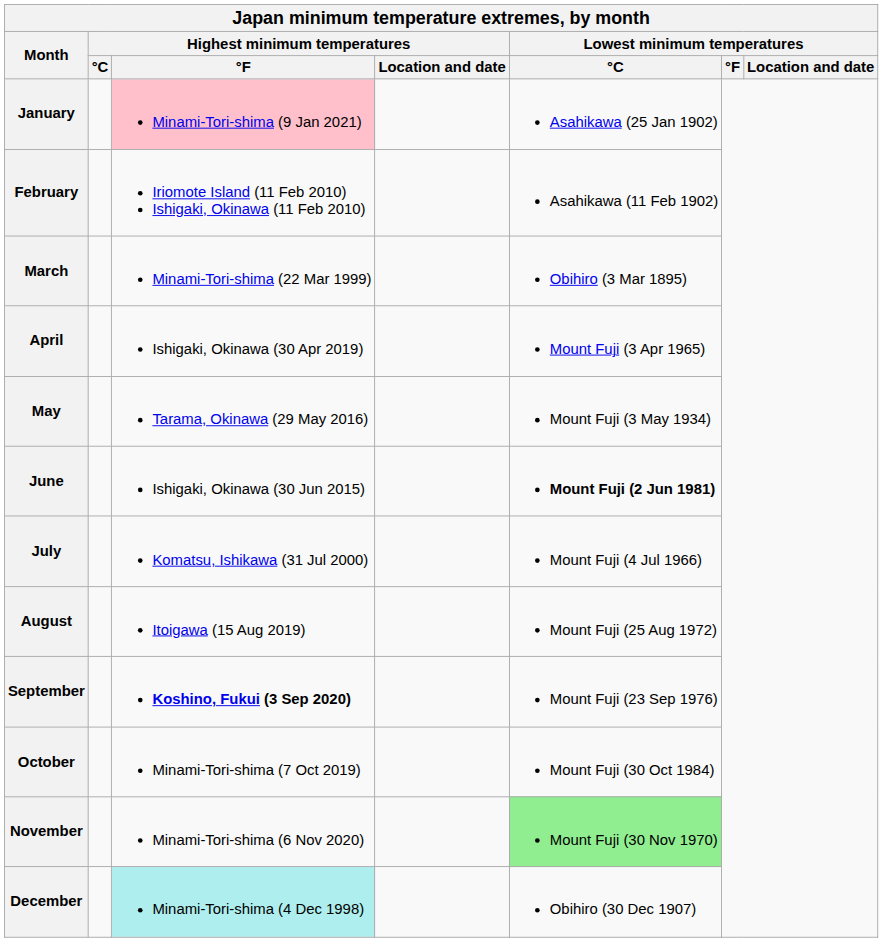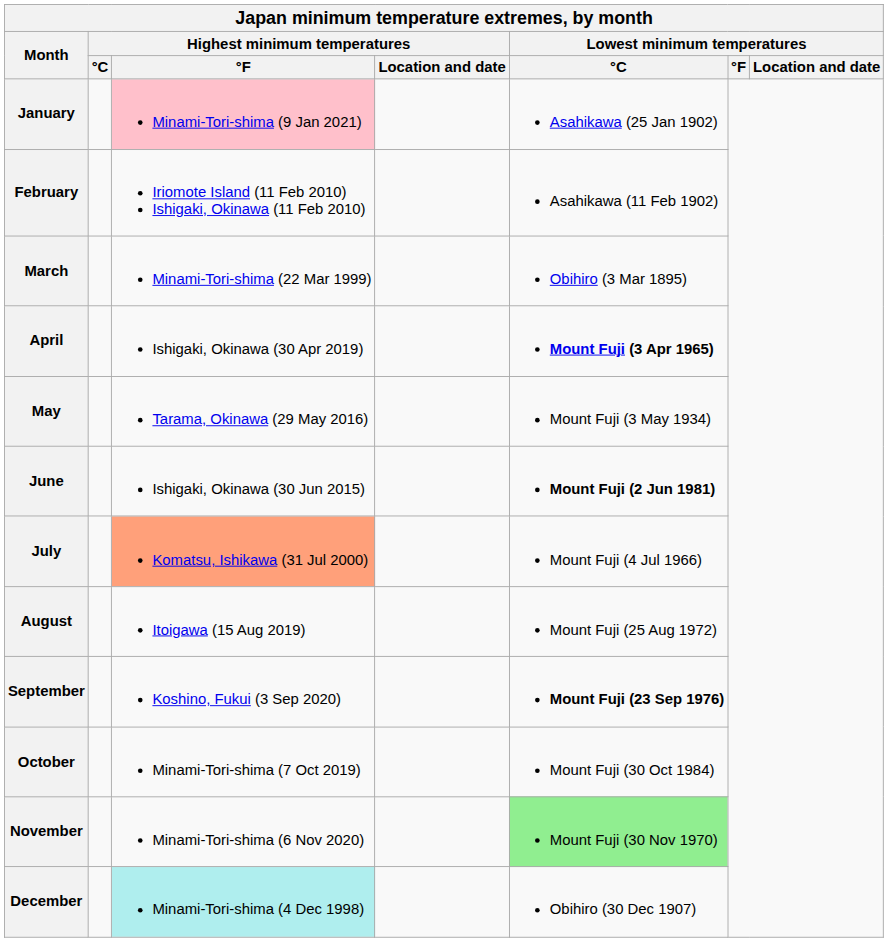 <table class=wikitable>
 <tr>
 <th colspan=7><big>Japan minimum temperature extremes, by month</big></th>
 </tr>
 <tr>
 <th rowspan=2>Month</th>
 <th colspan=3>Highest minimum temperatures</th>
 <th colspan=3>Lowest minimum temperatures</th>
 </tr>
 <tr>
 <th>°C</th>
 <th>°F</th>
 <th>Location and date</th>
 <th>°C</th>
 <th>°F</th>
 <th>Location and date</th>
 </tr>
 <tr>
 <th>January</th>
 <td></td>
 <td style="background: pink;"><br><ul><li><a href='#'>Minami-Tori-shima</a> (9 Jan 2021)</li></ul></td>
 <td></td>
 <td><br><ul><li><a href='#'>Asahikawa</a> (25 Jan 1902)</li></ul></td>
 </tr>
 <tr>
 <th>February</th>
 <td></td>
 <td><br><ul><li><a href='#'>Iriomote Island</a> (11 Feb 2010)</li><li><a href='#'>Ishigaki, Okinawa</a> (11 Feb 2010)</li></ul></td>
 <td></td>
 <td><br><ul><li>Asahikawa (11 Feb 1902)</li></ul></td>
 </tr>
 <tr>
 <th>March</th>
 <td></td>
 <td><br><ul><li><a href='#'>Minami-Tori-shima</a> (22 Mar 1999)</li></ul></td>
 <td></td>
 <td><br><ul><li><a href='#'>Obihiro</a> (3 Mar 1895)</li></ul></td>
 </tr>
 <tr>
 <th>April</th>
 <td></td>
 <td><br><ul><li>Ishigaki, Okinawa (30 Apr 2019)</li></ul></td>
 <td></td>
-<td><br><ul><li><a href='#'>Mount Fuji</a> (3 Apr 1965)</li></ul></td>
+<td><strong><br><ul><li><a href='#'>Mount Fuji</a> (3 Apr 1965)</li></ul></strong></td>
 </tr>
 <tr>
 <th>May</th>
 <td></td>
 <td><br><ul><li><a href='#'>Tarama, Okinawa</a> (29 May 2016)</li></ul></td>
 <td></td>
 <td><br><ul><li>Mount Fuji (3 May 1934)</li></ul></td>
 </tr>
 <tr>
 <th>June</th>
 <td></td>
 <td><br><ul><li>Ishigaki, Okinawa (30 Jun 2015)</li></ul></td>
 <td></td>
 <td><strong><br><ul><li>Mount Fuji (2 Jun 1981)</li></ul></strong></td>
 </tr>
 <tr>
 <th>July</th>
 <td></td>
-<td><br><ul><li><a href='#'>Komatsu, Ishikawa</a> (31 Jul 2000)</li></ul></td>
+<td style="background: lightsalmon;"><br><ul><li><a href='#'>Komatsu, Ishikawa</a> (31 Jul 2000)</li></ul></td>
 <td></td>
 <td><br><ul><li>Mount Fuji (4 Jul 1966)</li></ul></td>
 </tr>
 <tr>
 <th>August</th>
 <td></td>
 <td><br><ul><li><a href='#'>Itoigawa</a> (15 Aug 2019)</li></ul></td>
 <td></td>
 <td><br><ul><li>Mount Fuji (25 Aug 1972)</li></ul></td>
 </tr>
 <tr>
 <th>September</th>
 <td></td>
-<td><strong><br><ul><li><a href='#'>Koshino, Fukui</a> (3 Sep 2020)</li></ul></strong></td>
+<td><br><ul><li><a href='#'>Koshino, Fukui</a> (3 Sep 2020)</li></ul></td>
 <td></td>
-<td><br><ul><li>Mount Fuji (23 Sep 1976)</li></ul></td>
+<td><strong><br><ul><li>Mount Fuji (23 Sep 1976)</li></ul></strong></td>
 </tr>
 <tr>
 <th>October</th>
 <td></td>
 <td><br><ul><li>Minami-Tori-shima (7 Oct 2019)</li></ul></td>
 <td></td>
 <td><br><ul><li>Mount Fuji (30 Oct 1984)</li></ul></td>
 </tr>
 <tr>
 <th>November</th>
 <td></td>
 <td><br><ul><li>Minami-Tori-shima (6 Nov 2020)</li></ul></td>
 <td></td>
 <td style="background: lightgreen;"><br><ul><li>Mount Fuji (30 Nov 1970)</li></ul></td>
 </tr>
 <tr>
 <th>December</th>
 <td></td>
 <td style="background: paleturquoise;"><br><ul><li>Minami-Tori-shima (4 Dec 1998)</li></ul></td>
 <td></td>
 <td><br><ul><li>Obihiro (30 Dec 1907)</li></ul></td>
 </tr>
 </table>
